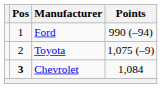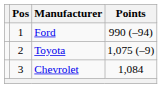 <table class="wikitable" style="font-size: 95%;">
 <tr>
 <th></th>
 <th>Pos</th>
 <th>Manufacturer</th>
 <th>Points</th>
 </tr>
 <tr>
 <td align="left"></td>
 <td style="text-align:center;">1</td>
 <td><a href='#'>Ford</a></td>
 <td style="text-align:center;">990 (–94)</td>
 </tr>
 <tr>
 <td align="left"></td>
 <td style="text-align:center;">2</td>
 <td><a href='#'>Toyota</a></td>
 <td style="text-align:center;">1,075 (–9)</td>
 </tr>
 <tr>
 <td align="left"></td>
-<td style="text-align:center;"><strong>3</strong></td>
+<td style="text-align:center;">3</td>
 <td><a href='#'>Chevrolet</a></td>
 <td style="text-align:center;">1,084</td>
 </tr>
 <tr class="sortbottom">
 <th colspan="9"></th>
 </tr>
 </table>
